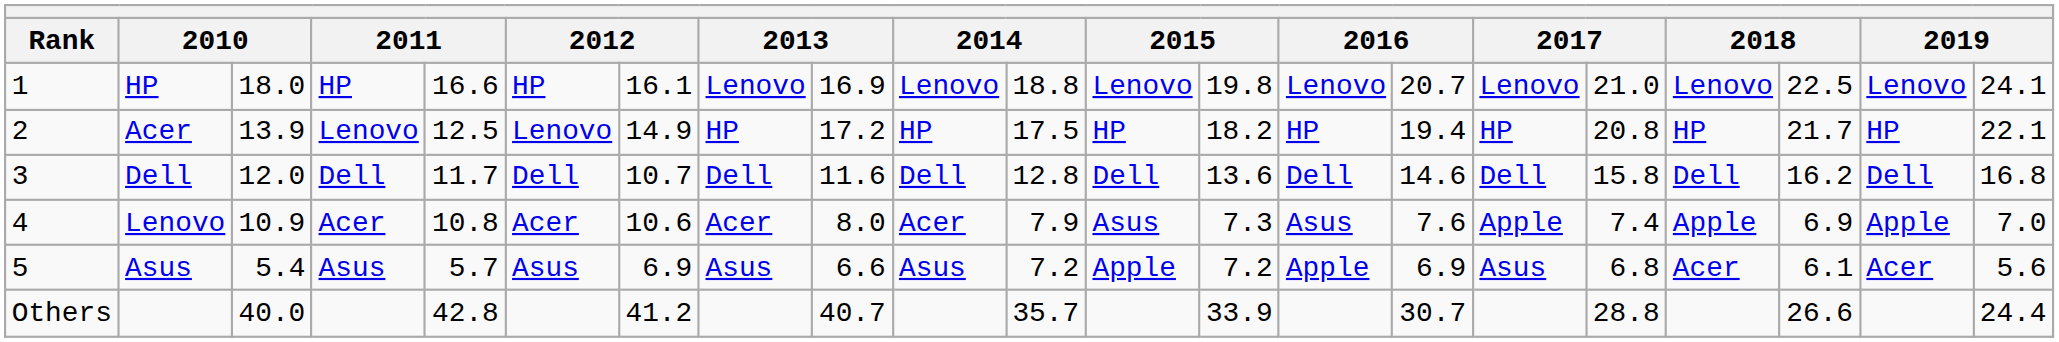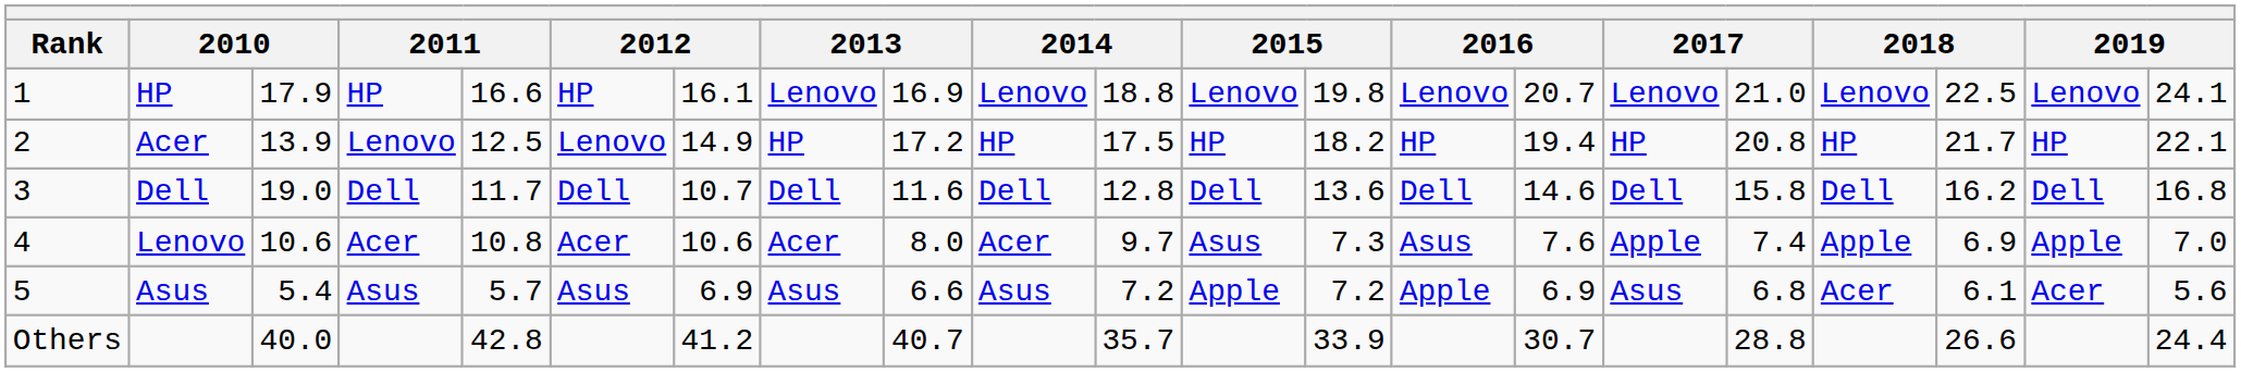 <table class="wikitable">
 <tr>
 <th colspan="21"></th>
 </tr>
 <tr>
 <th>Rank</th>
 <th colspan="2">2010</th>
 <th colspan="2">2011</th>
 <th colspan="2">2012</th>
 <th colspan="2">2013</th>
 <th colspan="2">2014</th>
 <th colspan="2">2015</th>
 <th colspan="2">2016</th>
 <th colspan="2">2017</th>
 <th colspan="2">2018</th>
 <th colspan="2">2019</th>
 </tr>
 <tr>
 <td>1</td>
 <td><a href='#'>HP</a></td>
-<td style="text-align:right;">18.0</td>
+<td style="text-align:right;">17.9</td>
 <td><a href='#'>HP</a></td>
 <td style="text-align:right;">16.6</td>
 <td><a href='#'>HP</a></td>
 <td style="text-align:right;">16.1</td>
 <td><a href='#'>Lenovo</a></td>
 <td style="text-align:right;">16.9</td>
 <td><a href='#'>Lenovo</a></td>
 <td style="text-align:right;">18.8</td>
 <td><a href='#'>Lenovo</a></td>
 <td style="text-align:right;">19.8</td>
 <td><a href='#'>Lenovo</a></td>
 <td style="text-align:right;">20.7</td>
 <td><a href='#'>Lenovo</a></td>
 <td style="text-align:right;">21.0</td>
 <td><a href='#'>Lenovo</a></td>
 <td style="text-align:right;">22.5</td>
 <td><a href='#'>Lenovo</a></td>
 <td style="text-align:right;">24.1</td>
 </tr>
 <tr>
 <td>2</td>
 <td><a href='#'>Acer</a></td>
 <td style="text-align:right;">13.9</td>
 <td><a href='#'>Lenovo</a></td>
 <td style="text-align:right;">12.5</td>
 <td><a href='#'>Lenovo</a></td>
 <td style="text-align:right;">14.9</td>
 <td><a href='#'>HP</a></td>
 <td style="text-align:right;">17.2</td>
 <td><a href='#'>HP</a></td>
 <td style="text-align:right;">17.5</td>
 <td><a href='#'>HP</a></td>
 <td style="text-align:right;">18.2</td>
 <td><a href='#'>HP</a></td>
 <td style="text-align:right;">19.4</td>
 <td><a href='#'>HP</a></td>
 <td style="text-align:right;">20.8</td>
 <td><a href='#'>HP</a></td>
 <td style="text-align:right;">21.7</td>
 <td><a href='#'>HP</a></td>
 <td style="text-align:right;">22.1</td>
 </tr>
 <tr>
 <td>3</td>
 <td><a href='#'>Dell</a></td>
-<td style="text-align:right;">12.0</td>
+<td style="text-align:right;">19.0</td>
 <td><a href='#'>Dell</a></td>
 <td style="text-align:right;">11.7</td>
 <td><a href='#'>Dell</a></td>
 <td style="text-align:right;">10.7</td>
 <td><a href='#'>Dell</a></td>
 <td style="text-align:right;">11.6</td>
 <td><a href='#'>Dell</a></td>
 <td style="text-align:right;">12.8</td>
 <td><a href='#'>Dell</a></td>
 <td style="text-align:right;">13.6</td>
 <td><a href='#'>Dell</a></td>
 <td style="text-align:right;">14.6</td>
 <td><a href='#'>Dell</a></td>
 <td style="text-align:right;">15.8</td>
 <td><a href='#'>Dell</a></td>
 <td style="text-align:right;">16.2</td>
 <td><a href='#'>Dell</a></td>
 <td style="text-align:right;">16.8</td>
 </tr>
 <tr>
 <td>4</td>
 <td><a href='#'>Lenovo</a></td>
-<td style="text-align:right;">10.9</td>
+<td style="text-align:right;">10.6</td>
 <td><a href='#'>Acer</a></td>
 <td style="text-align:right;">10.8</td>
 <td><a href='#'>Acer</a></td>
 <td style="text-align:right;">10.6</td>
 <td><a href='#'>Acer</a></td>
 <td style="text-align:right;">8.0</td>
 <td><a href='#'>Acer</a></td>
-<td style="text-align:right;">7.9</td>
+<td style="text-align:right;">9.7</td>
 <td><a href='#'>Asus</a></td>
 <td style="text-align:right;">7.3</td>
 <td><a href='#'>Asus</a></td>
 <td style="text-align:right;">7.6</td>
 <td><a href='#'>Apple</a></td>
 <td style="text-align:right;">7.4</td>
 <td><a href='#'>Apple</a></td>
 <td style="text-align:right;">6.9</td>
 <td><a href='#'>Apple</a></td>
 <td style="text-align:right;">7.0</td>
 </tr>
 <tr>
 <td>5</td>
 <td><a href='#'>Asus</a></td>
 <td style="text-align:right;">5.4</td>
 <td><a href='#'>Asus</a></td>
 <td style="text-align:right;">5.7</td>
 <td><a href='#'>Asus</a></td>
 <td style="text-align:right;">6.9</td>
 <td><a href='#'>Asus</a></td>
 <td style="text-align:right;">6.6</td>
 <td><a href='#'>Asus</a></td>
 <td style="text-align:right;">7.2</td>
 <td><a href='#'>Apple</a></td>
 <td style="text-align:right;">7.2</td>
 <td><a href='#'>Apple</a></td>
 <td style="text-align:right;">6.9</td>
 <td><a href='#'>Asus</a></td>
 <td style="text-align:right;">6.8</td>
 <td><a href='#'>Acer</a></td>
 <td style="text-align:right;">6.1</td>
 <td><a href='#'>Acer</a></td>
 <td style="text-align:right;">5.6</td>
 </tr>
 <tr>
 <td>Others</td>
 <td></td>
 <td style="text-align:right;">40.0</td>
 <td></td>
 <td style="text-align:right;">42.8</td>
 <td></td>
 <td style="text-align:right;">41.2</td>
 <td></td>
 <td style="text-align:right;">40.7</td>
 <td></td>
 <td style="text-align:right;">35.7</td>
 <td></td>
 <td style="text-align:right;">33.9</td>
 <td></td>
 <td style="text-align:right;">30.7</td>
 <td></td>
 <td style="text-align:right;">28.8</td>
 <td></td>
 <td style="text-align:right;">26.6</td>
 <td></td>
 <td style="text-align:right;">24.4</td>
 </tr>
 </table>
